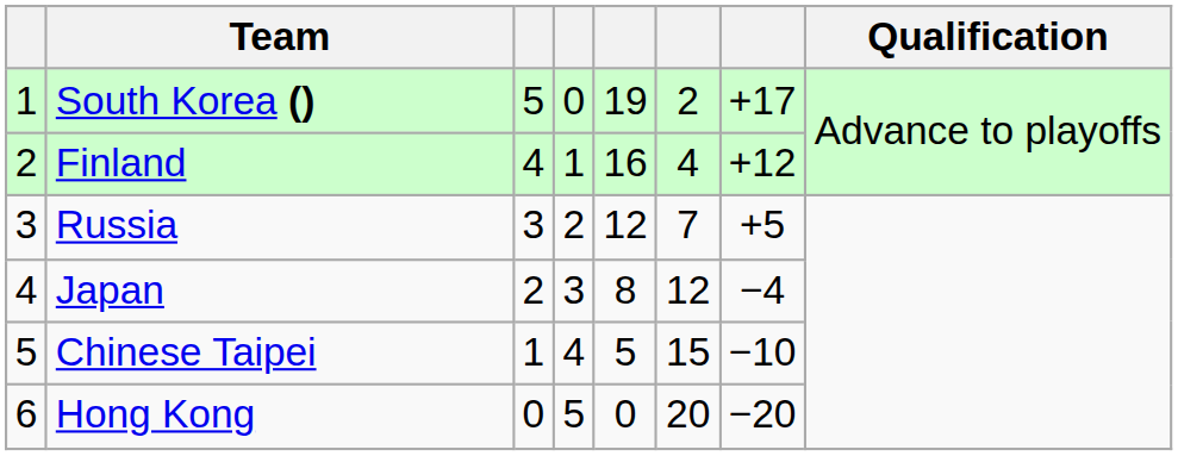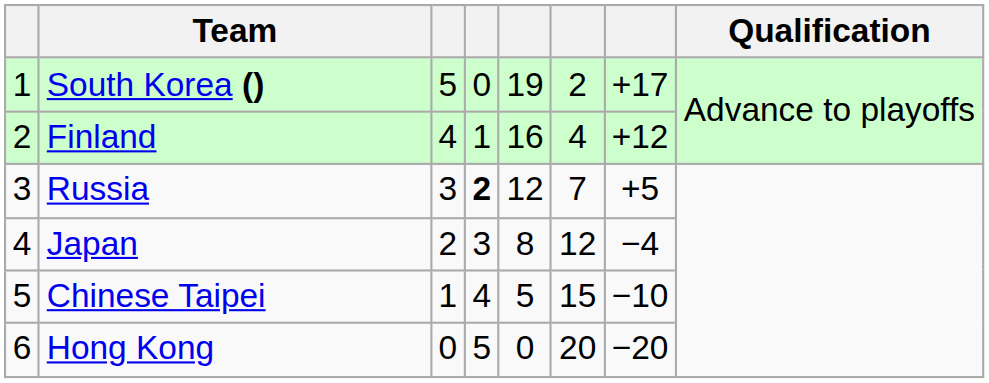 <table class=wikitable style="text-align:center">
 <tr>
 <th></th>
 <th style="width:180px;">Team</th>
 <th></th>
 <th></th>
 <th></th>
 <th></th>
 <th></th>
 <th>Qualification</th>
 </tr>
 <tr bgcolor=#ccffcc>
 <td>1</td>
 <td align=left> <a href='#'>South Korea</a> <strong>()</strong></td>
 <td>5</td>
 <td>0</td>
 <td>19</td>
 <td>2</td>
 <td>+17</td>
 <td rowspan=2>Advance to playoffs</td>
 </tr>
 <tr bgcolor=#ccffcc>
 <td>2</td>
 <td align=left> <a href='#'>Finland</a></td>
 <td>4</td>
 <td>1</td>
 <td>16</td>
 <td>4</td>
 <td>+12</td>
 </tr>
 <tr>
 <td>3</td>
 <td align=left> <a href='#'>Russia</a></td>
 <td>3</td>
-<td>2</td>
+<td><strong>2</strong></td>
 <td>12</td>
 <td>7</td>
 <td>+5</td>
 <td rowspan=4></td>
 </tr>
 <tr>
 <td>4</td>
 <td align=left> <a href='#'>Japan</a></td>
 <td>2</td>
 <td>3</td>
 <td>8</td>
 <td>12</td>
 <td>−4</td>
 </tr>
 <tr>
 <td>5</td>
 <td align=left> <a href='#'>Chinese Taipei</a></td>
 <td>1</td>
 <td>4</td>
 <td>5</td>
 <td>15</td>
 <td>−10</td>
 </tr>
 <tr>
 <td>6</td>
 <td align=left> <a href='#'>Hong Kong</a></td>
 <td>0</td>
 <td>5</td>
 <td>0</td>
 <td>20</td>
 <td>−20</td>
 </tr>
 </table>
